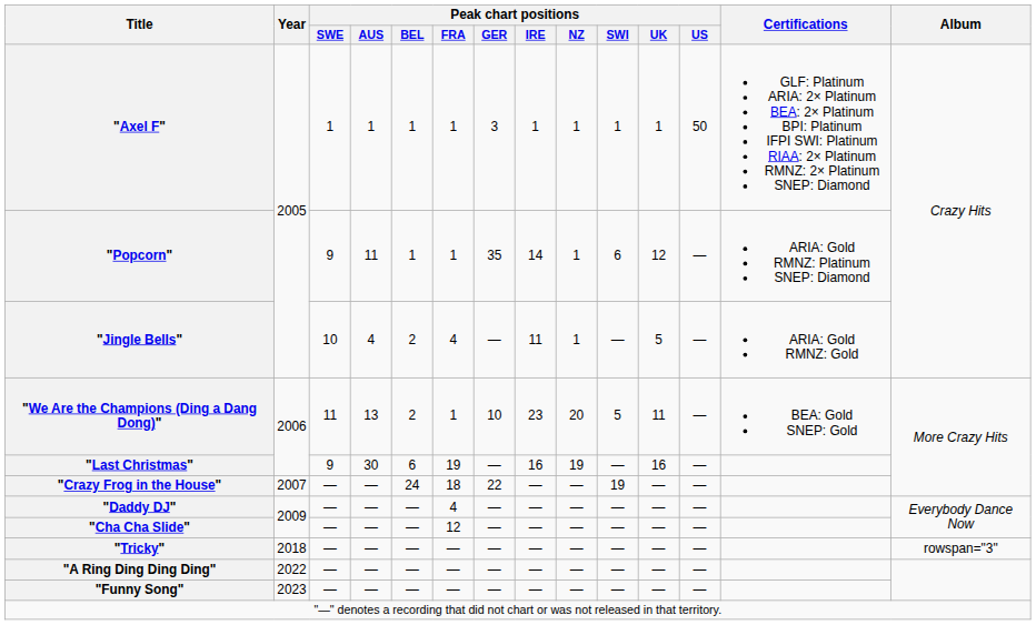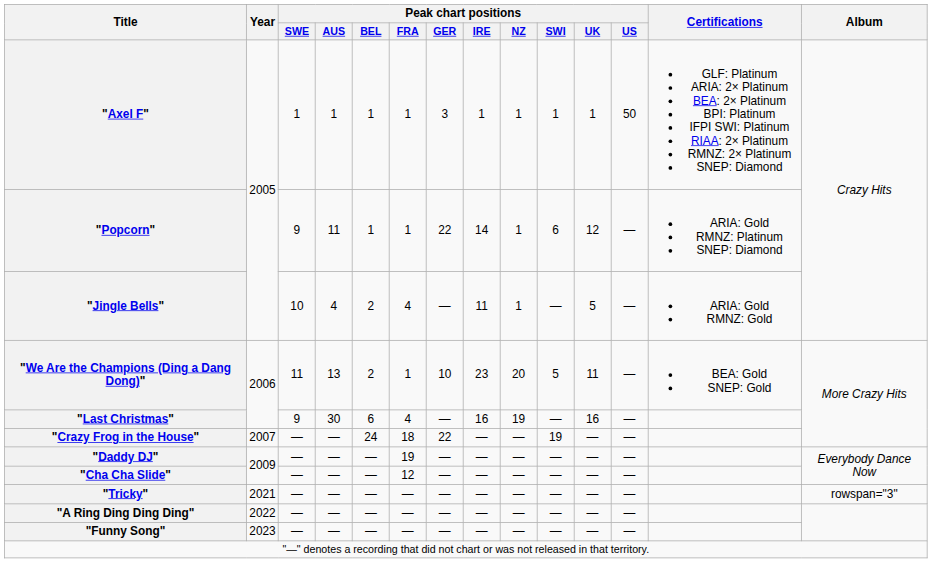 <table class="wikitable plainrowheaders" style="text-align:center;">
 <tr>
 <th scope="col" rowspan="2" style="width:20em;">Title</th>
 <th scope="col" rowspan="2">Year</th>
 <th scope="col" colspan="10">Peak chart positions</th>
 <th scope="col" rowspan="2" style="width:12.5em;"><a href='#'>Certifications</a></th>
 <th scope="col" rowspan="2">Album</th>
 </tr>
 <tr>
 <th style="width:3em;font-size:90%;"><a href='#'>SWE</a><br></th>
 <th style="width:3em;font-size:90%;"><a href='#'>AUS</a><br></th>
 <th style="width:3em;font-size:90%;"><a href='#'>BEL</a><br></th>
 <th style="width:3em;font-size:90%;"><a href='#'>FRA</a><br></th>
 <th style="width:3em;font-size:90%;"><a href='#'>GER</a><br></th>
 <th style="width:3em;font-size:90%;"><a href='#'>IRE</a><br></th>
 <th style="width:3em;font-size:90%;"><a href='#'>NZ</a><br></th>
 <th style="width:3em;font-size:90%;"><a href='#'>SWI</a><br></th>
 <th style="width:3em;font-size:90%;"><a href='#'>UK</a><br></th>
 <th style="width:3em;font-size:90%;"><a href='#'>US</a><br></th>
 </tr>
 <tr>
 <th scope="row">"<a href='#'>Axel F</a>"</th>
 <td rowspan="3">2005</td>
 <td>1</td>
 <td>1</td>
 <td>1</td>
 <td>1</td>
 <td>3</td>
 <td>1</td>
 <td>1</td>
 <td>1</td>
 <td>1</td>
 <td>50</td>
 <td><br><ul><li>GLF: Platinum</li><li>ARIA: 2× Platinum</li><li><a href='#'>BEA</a>: 2× Platinum</li><li>BPI: Platinum</li><li>IFPI SWI: Platinum</li><li><a href='#'>RIAA</a>: 2× Platinum</li><li>RMNZ: 2× Platinum</li><li>SNEP: Diamond</li></ul></td>
 <td rowspan="3"><em>Crazy Hits</em></td>
 </tr>
 <tr>
 <th scope="row">"<a href='#'>Popcorn</a>"</th>
 <td>9</td>
 <td>11</td>
 <td>1</td>
 <td>1</td>
-<td>35</td>
+<td>22</td>
 <td>14</td>
 <td>1</td>
 <td>6</td>
 <td>12</td>
 <td>—</td>
 <td><br><ul><li>ARIA: Gold</li><li>RMNZ: Platinum</li><li>SNEP: Diamond</li></ul></td>
 </tr>
 <tr>
 <th scope="row">"<a href='#'>Jingle Bells</a>"</th>
 <td>10</td>
 <td>4</td>
 <td>2</td>
 <td>4</td>
 <td>—</td>
 <td>11</td>
 <td>1</td>
 <td>—</td>
 <td>5</td>
 <td>—</td>
 <td><br><ul><li>ARIA: Gold</li><li>RMNZ: Gold</li></ul></td>
 </tr>
 <tr>
 <th scope="row">"<a href='#'>We Are the Champions (Ding a Dang Dong)</a>"</th>
 <td rowspan="2">2006</td>
 <td>11</td>
 <td>13</td>
 <td>2</td>
 <td>1</td>
 <td>10</td>
 <td>23</td>
 <td>20</td>
 <td>5</td>
 <td>11</td>
 <td>—</td>
 <td><br><ul><li>BEA: Gold</li><li>SNEP: Gold</li></ul></td>
 <td rowspan="3"><em>More Crazy Hits</em></td>
 </tr>
 <tr>
 <th scope="row">"<a href='#'>Last Christmas</a>"</th>
 <td>9</td>
 <td>30</td>
 <td>6</td>
-<td>19</td>
+<td>4</td>
 <td>—</td>
 <td>16</td>
 <td>19</td>
 <td>—</td>
 <td>16</td>
 <td>—</td>
 <td></td>
 </tr>
 <tr>
 <th scope="row">"<a href='#'>Crazy Frog in the House</a>"</th>
 <td>2007</td>
 <td>—</td>
 <td>—</td>
 <td>24</td>
 <td>18</td>
 <td>22</td>
 <td>—</td>
 <td>—</td>
 <td>19</td>
 <td>—</td>
 <td>—</td>
 </tr>
 <tr>
 <th scope="row">"<a href='#'>Daddy DJ</a>"</th>
 <td rowspan="2">2009</td>
 <td>—</td>
 <td>—</td>
 <td>—</td>
-<td>4</td>
+<td>19</td>
 <td>—</td>
 <td>—</td>
 <td>—</td>
 <td>—</td>
 <td>—</td>
 <td>—</td>
 <td></td>
 <td rowspan="2"><em>Everybody Dance Now</em></td>
 </tr>
 <tr>
 <th scope="row">"<a href='#'>Cha Cha Slide</a>"</th>
 <td>—</td>
 <td>—</td>
 <td>—</td>
 <td>12</td>
 <td>—</td>
 <td>—</td>
 <td>—</td>
 <td>—</td>
 <td>—</td>
 <td>—</td>
 <td></td>
 </tr>
 <tr>
 <th scope="row">"<a href='#'>Tricky</a>"</th>
-<td>2018</td>
+<td>2021</td>
 <td>—</td>
 <td>—</td>
 <td>—</td>
 <td>—</td>
 <td>—</td>
 <td>—</td>
 <td>—</td>
 <td>—</td>
 <td>—</td>
 <td>—</td>
 <td></td>
 <td>rowspan="3" </td>
 </tr>
 <tr>
 <th scope="row">"A Ring Ding Ding Ding"</th>
 <td>2022</td>
 <td>—</td>
 <td>—</td>
 <td>—</td>
 <td>—</td>
 <td>—</td>
 <td>—</td>
 <td>—</td>
 <td>—</td>
 <td>—</td>
 <td>—</td>
 <td></td>
 </tr>
 <tr>
 <th scope="row">"Funny Song"</th>
 <td>2023</td>
 <td>—</td>
 <td>—</td>
 <td>—</td>
 <td>—</td>
 <td>—</td>
 <td>—</td>
 <td>—</td>
 <td>—</td>
 <td>—</td>
 <td>—</td>
 <td></td>
 </tr>
 <tr>
 <td colspan="14" style="font-size:90%">"—" denotes a recording that did not chart or was not released in that territory.</td>
 </tr>
 </table>
